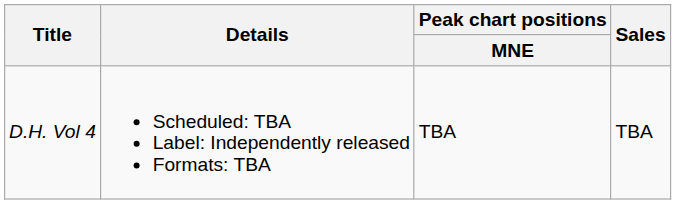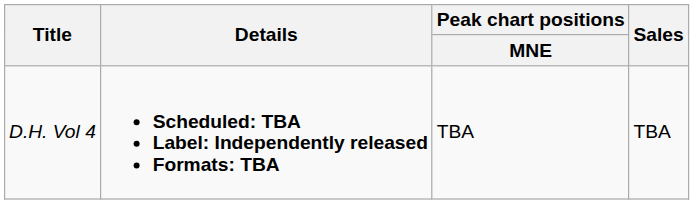 <table class="wikitable">
 <tr>
 <th rowspan="2">Title</th>
 <th rowspan="2">Details</th>
 <th>Peak chart positions</th>
 <th rowspan="2">Sales</th>
 </tr>
 <tr>
 <th>MNE</th>
 </tr>
 <tr>
 <td><em>D.H. Vol 4</em></td>
-<td><br><ul><li>Scheduled: TBA</li><li>Label: Independently released</li><li>Formats: TBA</li></ul></td>
+<td><strong><br><ul><li>Scheduled: TBA</li><li>Label: Independently released</li><li>Formats: TBA</li></ul></strong></td>
 <td>TBA</td>
 <td>TBA</td>
 </tr>
 </table>
